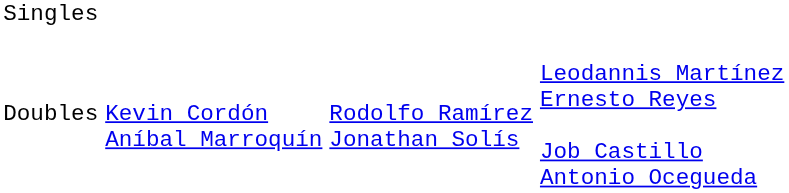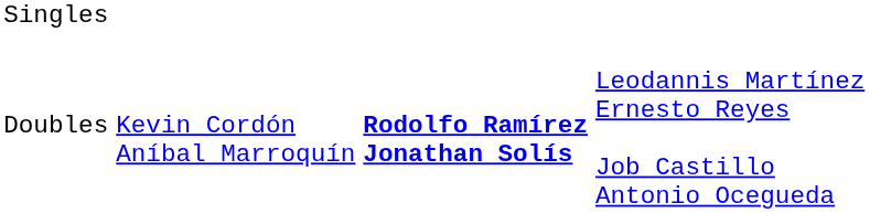 <table>
 <tr>
 <td>Singles</td>
 <td></td>
 <td></td>
 <td><br></td>
 </tr>
 <tr>
 <td>Doubles</td>
 <td><br><a href='#'>Kevin Cordón</a><br><a href='#'>Aníbal Marroquín</a></td>
-<td><br><a href='#'>Rodolfo Ramírez</a><br><a href='#'>Jonathan Solís</a></td>
+<td><strong><br><a href='#'>Rodolfo Ramírez</a><br><a href='#'>Jonathan Solís</a></strong></td>
 <td><br><a href='#'>Leodannis Martínez</a><br><a href='#'>Ernesto Reyes</a><br><br><a href='#'>Job Castillo</a><br><a href='#'>Antonio Ocegueda</a></td>
 </tr>
 <tr>
 </tr>
 </table>
